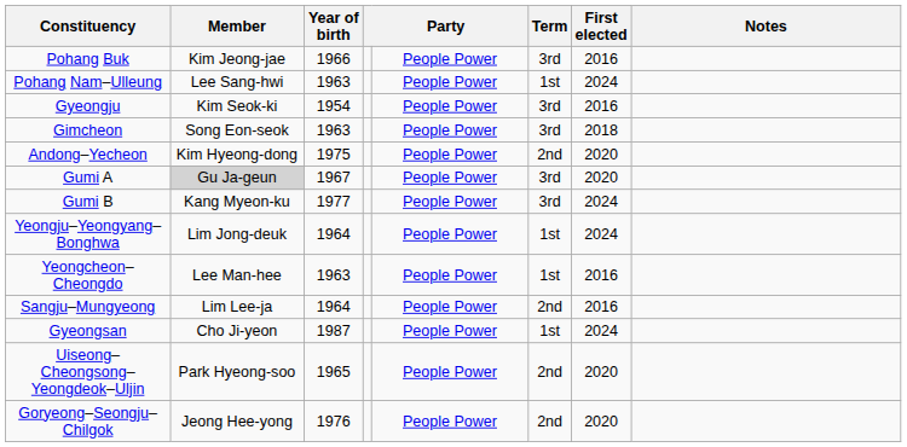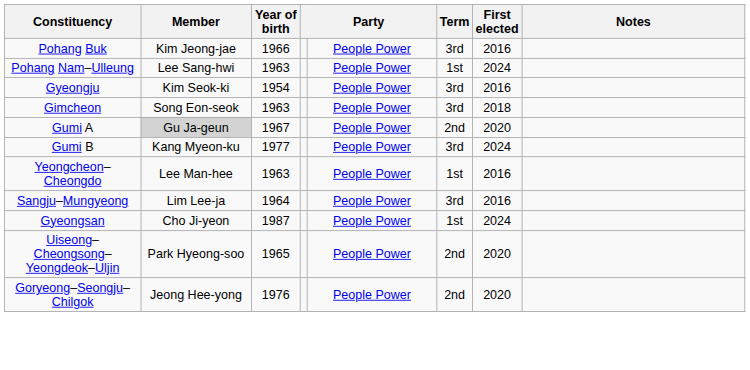 <table class="wikitable sortable" style="font-size:90%; text-align:center">
 <tr>
 <th scope="col" style="width:150px;">Constituency</th>
 <th scope="col" style="width:120px;">Member</th>
 <th scope="col" style="width:50px;">Year of birth</th>
 <th scope="col" style="width:150px;" colspan="2">Party</th>
 <th scope="col" style="width:20px;">Term</th>
 <th scope="col" style="width:50px;">First elected</th>
 <th scope="col" style="width:250px;" class="unsortable">Notes</th>
 </tr>
 <tr>
 <td><a href='#'>Pohang</a> <a href='#'>Buk</a></td>
 <td>Kim Jeong-jae</td>
 <td>1966</td>
 <td scope="row" width="1" style="background-color:"></td>
 <td><a href='#'>People Power</a></td>
 <td>3rd</td>
 <td>2016</td>
 <td></td>
 </tr>
 <tr>
 <td><a href='#'>Pohang</a> <a href='#'>Nam</a>–<a href='#'>Ulleung</a></td>
 <td>Lee Sang-hwi</td>
 <td>1963</td>
 <td scope="row" style="background-color:"></td>
 <td><a href='#'>People Power</a></td>
 <td>1st</td>
 <td>2024</td>
 <td></td>
 </tr>
 <tr>
 <td><a href='#'>Gyeongju</a></td>
 <td>Kim Seok-ki</td>
 <td>1954</td>
 <td scope="row" style="background-color:"></td>
 <td><a href='#'>People Power</a></td>
 <td>3rd</td>
 <td>2016</td>
 <td></td>
 </tr>
 <tr>
 <td><a href='#'>Gimcheon</a></td>
 <td>Song Eon-seok</td>
 <td>1963</td>
 <td scope="row" style="background-color:"></td>
 <td><a href='#'>People Power</a></td>
 <td>3rd</td>
 <td>2018</td>
 <td></td>
 </tr>
 <tr>
-<td><a href='#'>Andong</a>–<a href='#'>Yecheon</a></td>
-<td>Kim Hyeong-dong</td>
-<td>1975</td>
-<td scope="row" style="background-color:"></td>
-<td><a href='#'>People Power</a></td>
-<td>2nd</td>
-<td>2020</td>
-<td></td>
-</tr>
-<tr>
 <td><a href='#'>Gumi</a> A</td>
 <td style="background: lightgrey;">Gu Ja-geun</td>
 <td>1967</td>
 <td scope="row" style="background-color:"></td>
 <td><a href='#'>People Power</a></td>
-<td>3rd</td>
+<td>2nd</td>
 <td>2020</td>
 <td></td>
 </tr>
 <tr>
 <td><a href='#'>Gumi</a> B</td>
 <td>Kang Myeon-ku</td>
 <td>1977</td>
 <td scope="row" style="background-color:"></td>
 <td><a href='#'>People Power</a></td>
 <td>3rd</td>
-<td>2024</td>
-<td></td>
-</tr>
-<tr>
-<td><a href='#'>Yeongju</a>–<a href='#'>Yeongyang</a>–<a href='#'>Bonghwa</a></td>
-<td>Lim Jong-deuk</td>
-<td>1964</td>
-<td scope="row" style="background-color:"></td>
-<td><a href='#'>People Power</a></td>
-<td>1st</td>
 <td>2024</td>
 <td></td>
 </tr>
 <tr>
 <td><a href='#'>Yeongcheon</a>–<a href='#'>Cheongdo</a></td>
 <td>Lee Man-hee</td>
 <td>1963</td>
 <td scope="row" style="background-color:"></td>
 <td><a href='#'>People Power</a></td>
 <td>1st</td>
 <td>2016</td>
 <td></td>
 </tr>
 <tr>
 <td><a href='#'>Sangju</a>–<a href='#'>Mungyeong</a></td>
 <td>Lim Lee-ja</td>
 <td>1964</td>
 <td scope="row" style="background-color:"></td>
 <td><a href='#'>People Power</a></td>
-<td>2nd</td>
+<td>3rd</td>
 <td>2016</td>
 <td></td>
 </tr>
 <tr>
 <td><a href='#'>Gyeongsan</a></td>
 <td>Cho Ji-yeon</td>
 <td>1987</td>
 <td scope="row" style="background-color:"></td>
 <td><a href='#'>People Power</a></td>
 <td>1st</td>
 <td>2024</td>
 <td></td>
 </tr>
 <tr>
 <td><a href='#'>Uiseong</a>–<a href='#'>Cheongsong</a>–<a href='#'>Yeongdeok</a>–<a href='#'>Uljin</a></td>
 <td>Park Hyeong-soo</td>
 <td>1965</td>
 <td scope="row" style="background-color:"></td>
 <td><a href='#'>People Power</a></td>
 <td>2nd</td>
 <td>2020</td>
 <td></td>
 </tr>
 <tr>
 <td><a href='#'>Goryeong</a>–<a href='#'>Seongju</a>–<a href='#'>Chilgok</a></td>
 <td>Jeong Hee-yong</td>
 <td>1976</td>
 <td scope="row" style="background-color:"></td>
 <td><a href='#'>People Power</a></td>
 <td>2nd</td>
 <td>2020</td>
 <td></td>
 </tr>
 </table>
